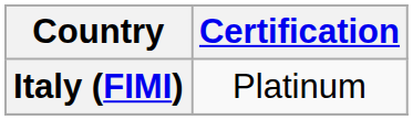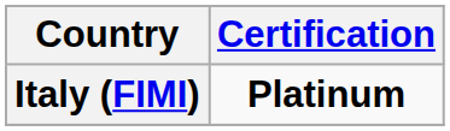 <table class="wikitable sortable plainrowheaders" style="text-align:center;">
 <tr>
 <th>Country</th>
 <th><a href='#'>Certification</a></th>
 </tr>
 <tr>
 <th scope="row">Italy (<a href='#'>FIMI</a>)</th>
-<td>Platinum</td>
+<td><strong>Platinum</strong></td>
 </tr>
 <tr>
 </tr>
 </table>
